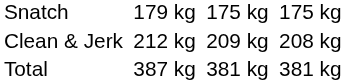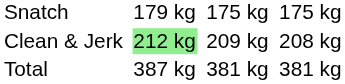 <table>
 <tr>
 <td>Snatch</td>
 <td></td>
 <td>179 kg</td>
 <td></td>
 <td>175 kg</td>
 <td></td>
 <td>175 kg</td>
 </tr>
 <tr>
 <td>Clean & Jerk</td>
 <td></td>
-<td>212 kg</td>
+<td style="background: lightgreen;">212 kg</td>
 <td></td>
 <td>209 kg</td>
 <td></td>
 <td>208 kg</td>
 </tr>
 <tr>
 <td>Total</td>
 <td></td>
 <td>387 kg</td>
 <td></td>
 <td>381 kg</td>
 <td></td>
 <td>381 kg</td>
 </tr>
 </table>
